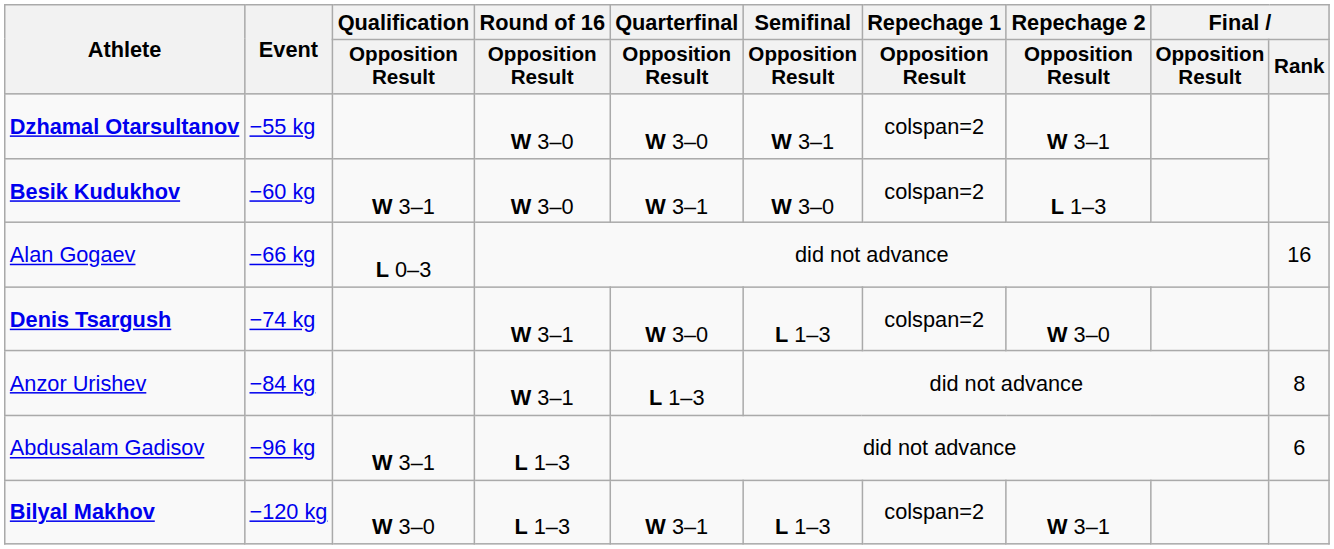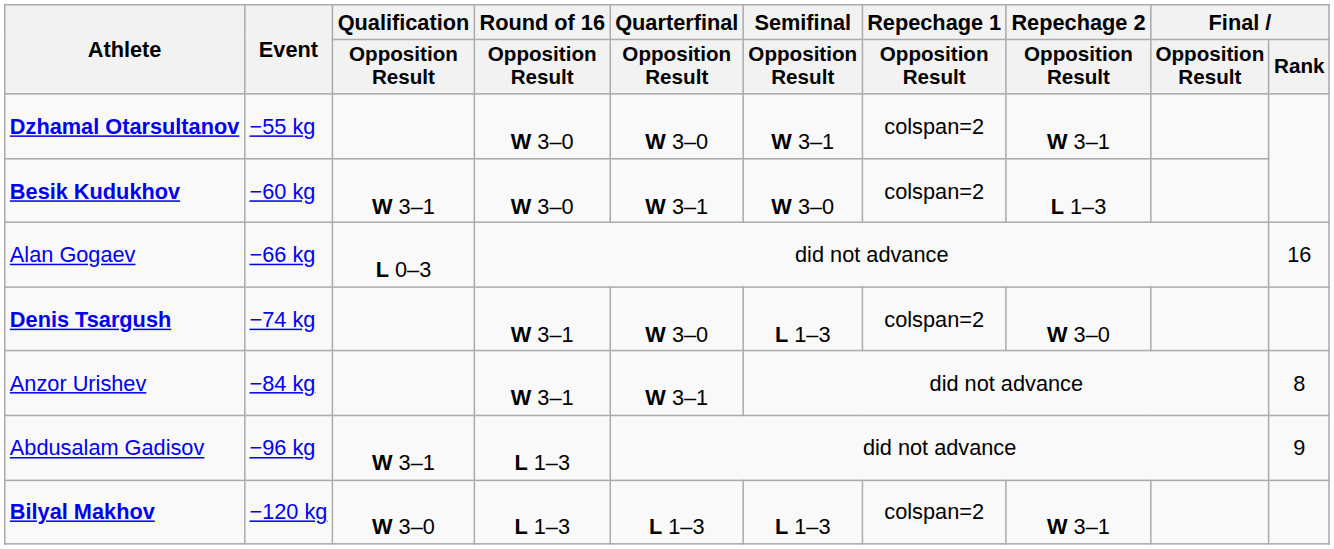 <table class="wikitable" style="font-size:90%">
 <tr>
 <th rowspan="2">Athlete</th>
 <th rowspan="2">Event</th>
 <th>Qualification</th>
 <th>Round of 16</th>
 <th>Quarterfinal</th>
 <th>Semifinal</th>
 <th>Repechage 1</th>
 <th>Repechage 2</th>
 <th colspan=2>Final / </th>
 </tr>
 <tr style="font-size: 95%">
 <th>Opposition<br>Result</th>
 <th>Opposition<br>Result</th>
 <th>Opposition<br>Result</th>
 <th>Opposition<br>Result</th>
 <th>Opposition<br>Result</th>
 <th>Opposition<br>Result</th>
 <th>Opposition<br>Result</th>
 <th>Rank</th>
 </tr>
 <tr align=center>
 <td align=left><strong><a href='#'>Dzhamal Otarsultanov</a></strong></td>
 <td align=left><a href='#'>−55 kg</a></td>
 <td></td>
 <td><br><strong>W</strong> 3–0 <sup></sup></td>
 <td><br><strong>W</strong> 3–0 <sup></sup></td>
 <td><br><strong>W</strong> 3–1 <sup></sup></td>
 <td>colspan=2 </td>
 <td><br><strong>W</strong> 3–1 <sup></sup></td>
 <td></td>
 </tr>
 <tr align=center>
 <td align=left><strong><a href='#'>Besik Kudukhov</a></strong></td>
 <td align=left><a href='#'>−60 kg</a></td>
 <td><br><strong>W</strong> 3–1 <sup></sup></td>
 <td><br><strong>W</strong> 3–0 <sup></sup></td>
 <td><br><strong>W</strong> 3–1 <sup></sup></td>
 <td><br><strong>W</strong> 3–0 <sup></sup></td>
 <td>colspan=2 </td>
 <td><br><strong>L</strong> 1–3 <sup></sup></td>
 <td></td>
 </tr>
 <tr align=center>
 <td align=left><a href='#'>Alan Gogaev</a></td>
 <td align=left><a href='#'>−66 kg</a></td>
 <td><br><strong>L</strong> 0–3 <sup></sup></td>
 <td colspan=6>did not advance</td>
 <td>16</td>
 </tr>
 <tr align=center>
 <td align=left><strong><a href='#'>Denis Tsargush</a></strong></td>
 <td align=left><a href='#'>−74 kg</a></td>
 <td></td>
 <td><br><strong>W</strong> 3–1 <sup></sup></td>
 <td><br><strong>W</strong> 3–0 <sup></sup></td>
 <td><br><strong>L</strong> 1–3 <sup></sup></td>
 <td>colspan=2 </td>
 <td><br><strong>W</strong> 3–0 <sup></sup></td>
 <td></td>
 </tr>
 <tr align=center>
 <td align=left><a href='#'>Anzor Urishev</a></td>
 <td align=left><a href='#'>−84 kg</a></td>
 <td></td>
 <td><br><strong>W</strong> 3–1 <sup></sup></td>
-<td><br><strong>L</strong> 1–3 <sup></sup></td>
+<td><br><strong>W</strong> 3–1 <sup></sup></td>
 <td colspan=4>did not advance</td>
 <td>8</td>
 </tr>
 <tr align=center>
 <td align=left><a href='#'>Abdusalam Gadisov</a></td>
 <td align=left><a href='#'>−96 kg</a></td>
 <td><br><strong>W</strong> 3–1 <sup></sup></td>
 <td><br><strong>L</strong> 1–3 <sup></sup></td>
 <td colspan=5>did not advance</td>
-<td>6</td>
+<td>9</td>
 </tr>
 <tr align=center>
 <td align=left><strong><a href='#'>Bilyal Makhov</a></strong></td>
 <td align=left><a href='#'>−120 kg</a></td>
 <td><br><strong>W</strong> 3–0 <sup></sup></td>
 <td><br><strong>L</strong> 1–3 <sup></sup></td>
-<td><br><strong>W</strong> 3–1 <sup></sup></td>
+<td><br><strong>L</strong> 1–3 <sup></sup></td>
 <td><br><strong>L</strong> 1–3 <sup></sup></td>
 <td>colspan=2 </td>
 <td><br><strong>W</strong> 3–1 <sup></sup></td>
 <td></td>
 </tr>
 </table>
